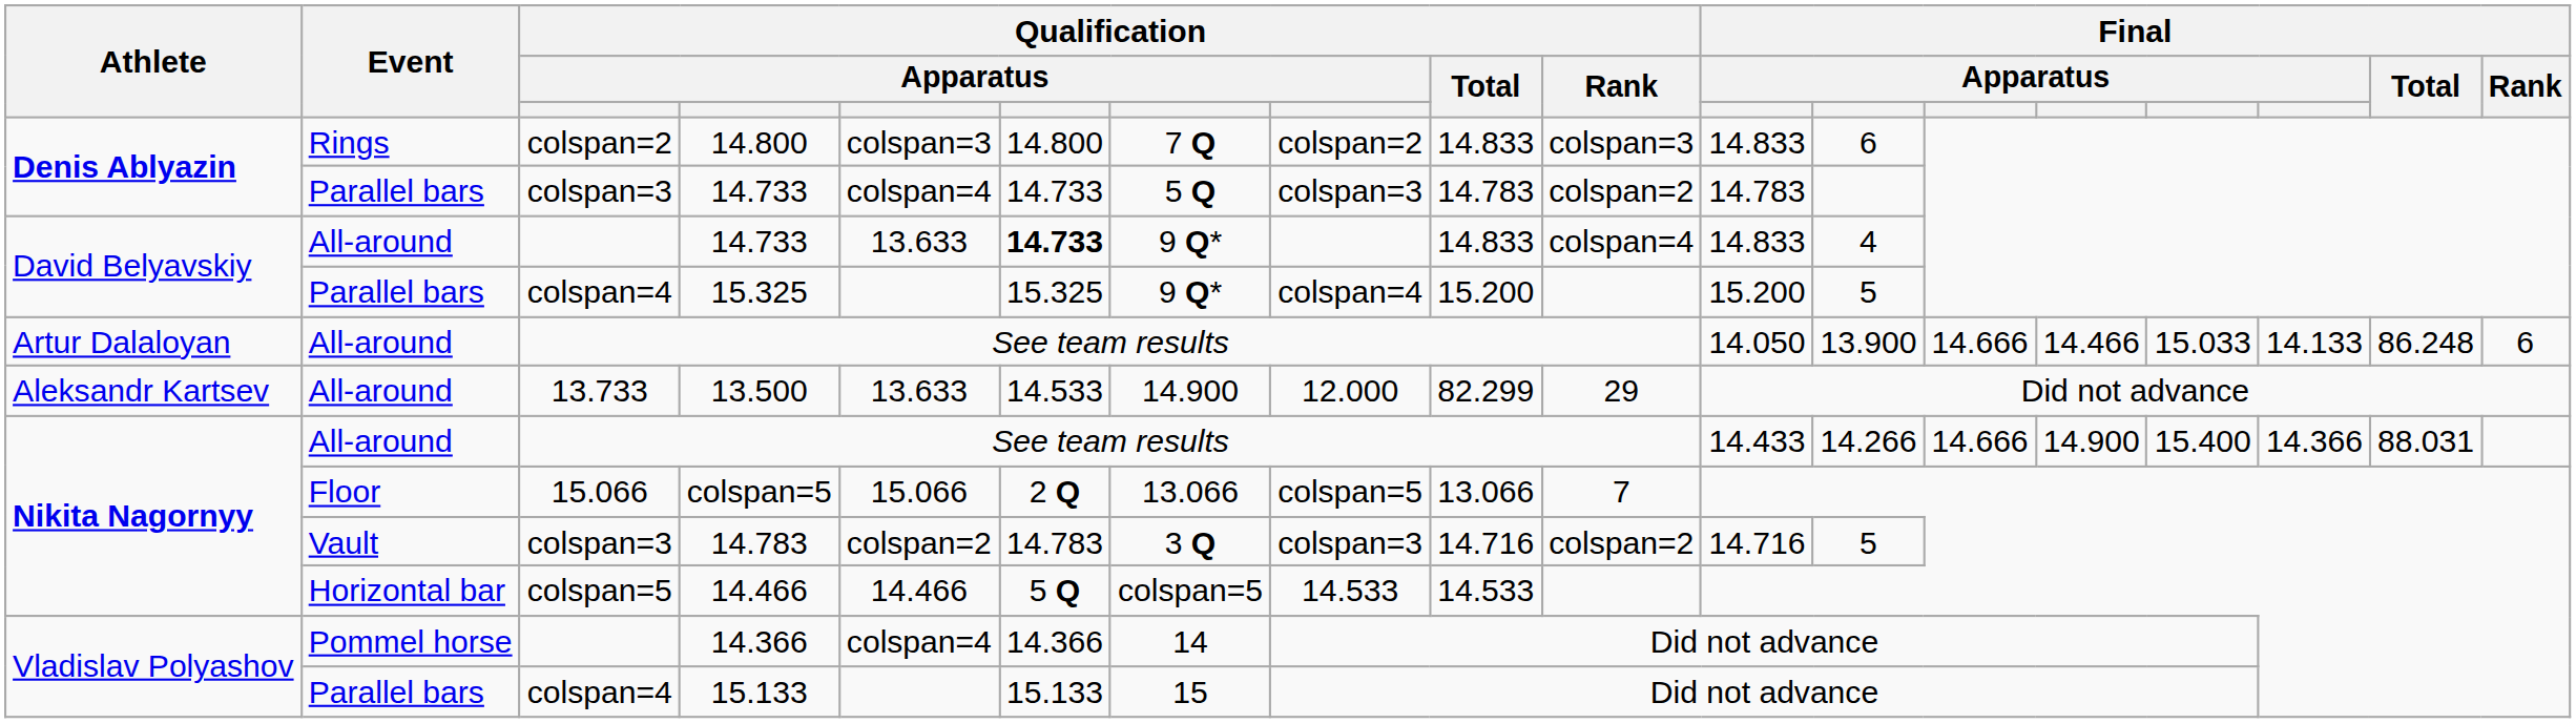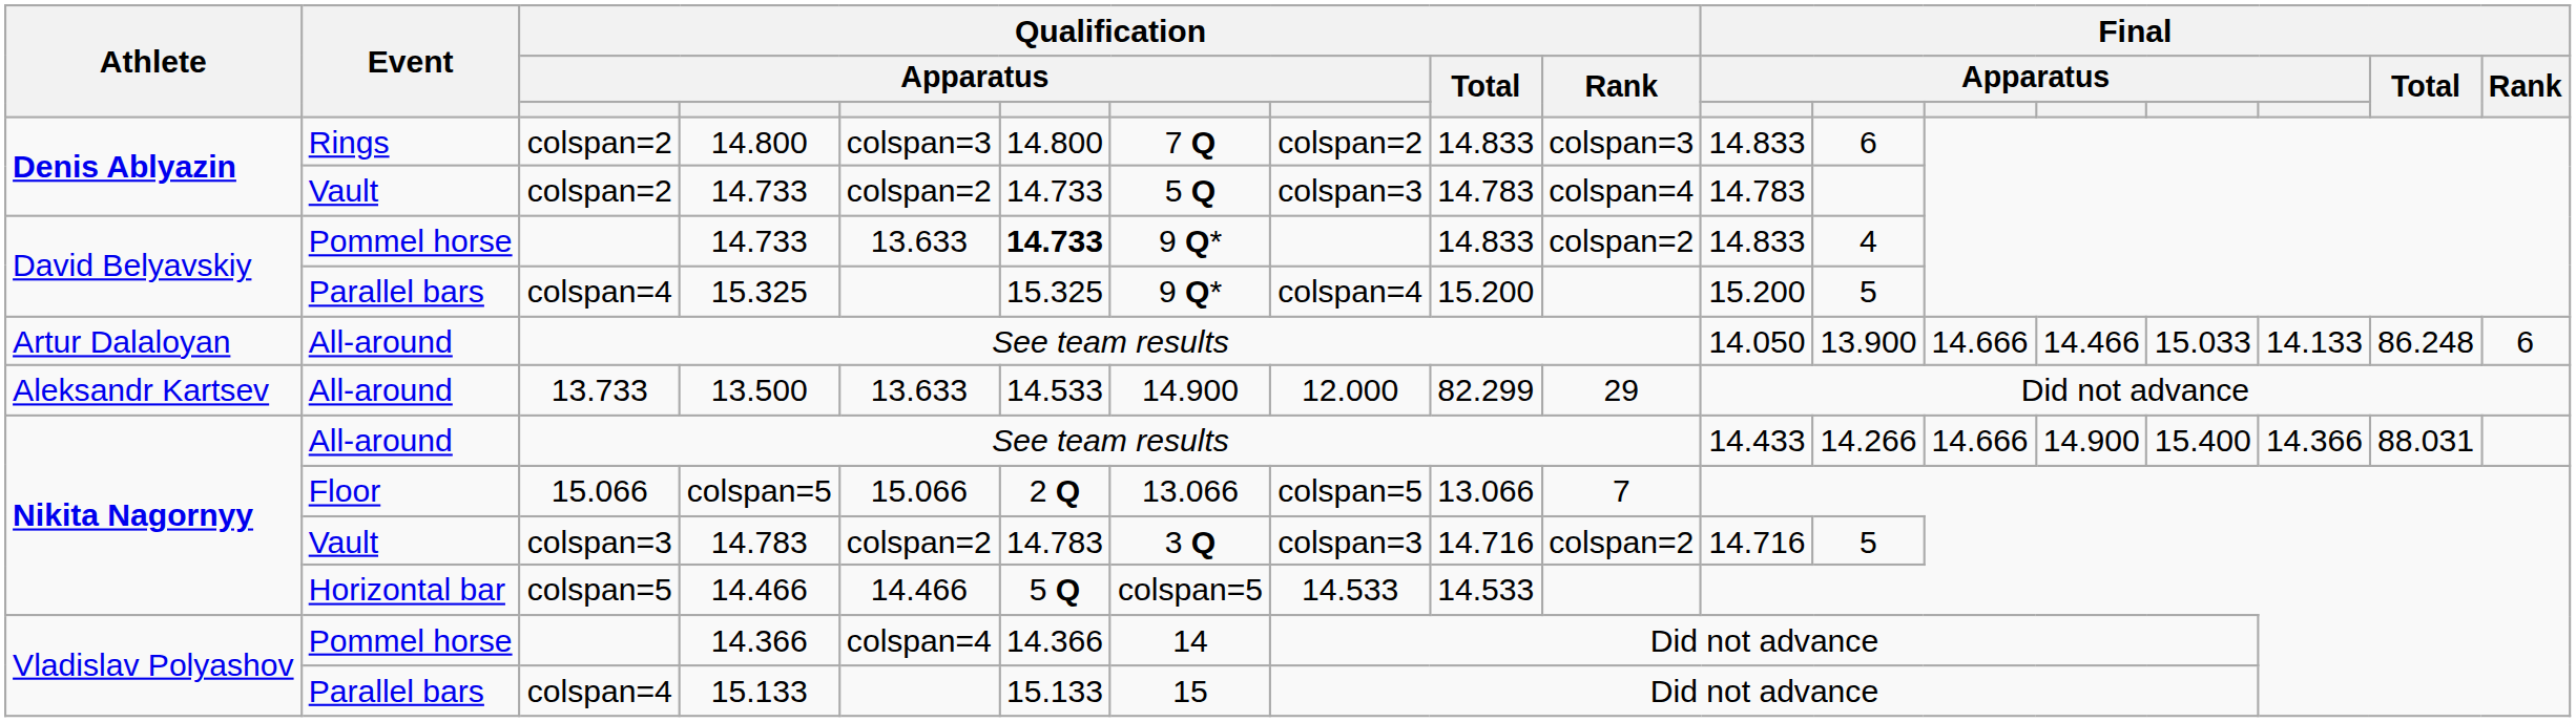 <table class=wikitable style=font-size:90%;text-align:center>
 <tr>
 <th rowspan=3>Athlete</th>
 <th rowspan=3>Event</th>
 <th colspan =8>Qualification</th>
 <th colspan =8>Final</th>
 </tr>
 <tr style=font-size:95%>
 <th colspan=6>Apparatus</th>
 <th rowspan=2>Total</th>
 <th rowspan=2>Rank</th>
 <th colspan=6>Apparatus</th>
 <th rowspan=2>Total</th>
 <th rowspan=2>Rank</th>
 </tr>
 <tr style=font-size:95%>
 <th></th>
 <th></th>
 <th></th>
 <th></th>
 <th></th>
 <th></th>
 <th></th>
 <th></th>
 <th></th>
 <th></th>
 <th></th>
 <th></th>
 </tr>
 <tr>
 <td align=left rowspan=2><strong><a href='#'>Denis Ablyazin</a></strong></td>
 <td align=left><a href='#'>Rings</a></td>
 <td>colspan=2 </td>
 <td>14.800</td>
 <td>colspan=3 </td>
 <td>14.800</td>
 <td>7 <strong>Q</strong></td>
 <td>colspan=2 </td>
 <td>14.833</td>
 <td>colspan=3 </td>
 <td>14.833</td>
 <td>6</td>
 </tr>
 <tr>
-<td align=left><a href='#'>Parallel bars</a></td>
-<td>colspan=3 </td>
+<td align=left><a href='#'>Vault</a></td>
+<td>colspan=2 </td>
 <td>14.733</td>
-<td>colspan=4 </td>
+<td>colspan=2 </td>
 <td>14.733</td>
 <td>5 <strong>Q</strong></td>
 <td>colspan=3 </td>
 <td>14.783</td>
-<td>colspan=2 </td>
+<td>colspan=4 </td>
 <td>14.783</td>
 <td></td>
 </tr>
 <tr>
 <td align=left rowspan=2><a href='#'>David Belyavskiy</a></td>
-<td align=left><a href='#'>All-around</a></td>
+<td align=left><a href='#'>Pommel horse</a></td>
 <td></td>
 <td>14.733</td>
 <td>13.633</td>
 <td><strong>14.733</strong></td>
 <td>9 <strong>Q</strong>*</td>
 <td></td>
 <td>14.833</td>
-<td>colspan=4 </td>
+<td>colspan=2 </td>
 <td>14.833</td>
 <td>4</td>
 </tr>
 <tr>
 <td align=left><a href='#'>Parallel bars</a></td>
 <td>colspan=4 </td>
 <td>15.325</td>
 <td></td>
 <td>15.325</td>
 <td>9 <strong>Q</strong>*</td>
 <td>colspan=4 </td>
 <td>15.200</td>
 <td></td>
 <td>15.200</td>
 <td>5</td>
 </tr>
 <tr>
 <td align=left><a href='#'>Artur Dalaloyan</a></td>
 <td align=left><a href='#'>All-around</a></td>
 <td colspan=8><em>See team results</em></td>
 <td>14.050</td>
 <td>13.900</td>
 <td>14.666</td>
 <td>14.466</td>
 <td>15.033</td>
 <td>14.133</td>
 <td>86.248</td>
 <td>6</td>
 </tr>
 <tr>
 <td align=left><a href='#'>Aleksandr Kartsev</a></td>
 <td align=left><a href='#'>All-around</a></td>
 <td>13.733</td>
 <td>13.500</td>
 <td>13.633</td>
 <td>14.533</td>
 <td>14.900</td>
 <td>12.000</td>
 <td>82.299</td>
 <td>29</td>
 <td colspan=8>Did not advance</td>
 </tr>
 <tr>
 <td align=left rowspan=4><strong><a href='#'>Nikita Nagornyy</a></strong></td>
 <td align=left><a href='#'>All-around</a></td>
 <td colspan=8><em>See team results</em></td>
 <td>14.433</td>
 <td>14.266</td>
 <td>14.666</td>
 <td>14.900</td>
 <td>15.400</td>
 <td>14.366</td>
 <td>88.031</td>
 <td></td>
 </tr>
 <tr>
 <td align=left><a href='#'>Floor</a></td>
 <td>15.066</td>
 <td>colspan=5 </td>
 <td>15.066</td>
 <td>2 <strong>Q</strong></td>
 <td>13.066</td>
 <td>colspan=5 </td>
 <td>13.066</td>
 <td>7</td>
 </tr>
 <tr>
 <td align=left><a href='#'>Vault</a></td>
 <td>colspan=3 </td>
 <td>14.783</td>
 <td>colspan=2 </td>
 <td>14.783</td>
 <td>3 <strong>Q</strong></td>
 <td>colspan=3 </td>
 <td>14.716</td>
 <td>colspan=2 </td>
 <td>14.716</td>
 <td>5</td>
 </tr>
 <tr>
 <td align=left><a href='#'>Horizontal bar</a></td>
 <td>colspan=5 </td>
 <td>14.466</td>
 <td>14.466</td>
 <td>5 <strong>Q</strong></td>
 <td>colspan=5 </td>
 <td>14.533</td>
 <td>14.533</td>
 <td></td>
 </tr>
 <tr>
 <td align=left rowspan=2><a href='#'>Vladislav Polyashov</a></td>
 <td align=left><a href='#'>Pommel horse</a></td>
 <td></td>
 <td>14.366</td>
 <td>colspan=4 </td>
 <td>14.366</td>
 <td>14</td>
 <td colspan=8>Did not advance</td>
 </tr>
 <tr>
 <td align=left><a href='#'>Parallel bars</a></td>
 <td>colspan=4 </td>
 <td>15.133</td>
 <td></td>
 <td>15.133</td>
 <td>15</td>
 <td colspan=8>Did not advance</td>
 </tr>
 </table>
